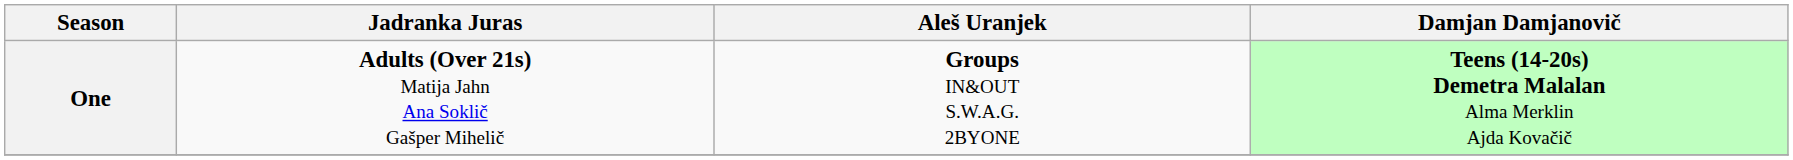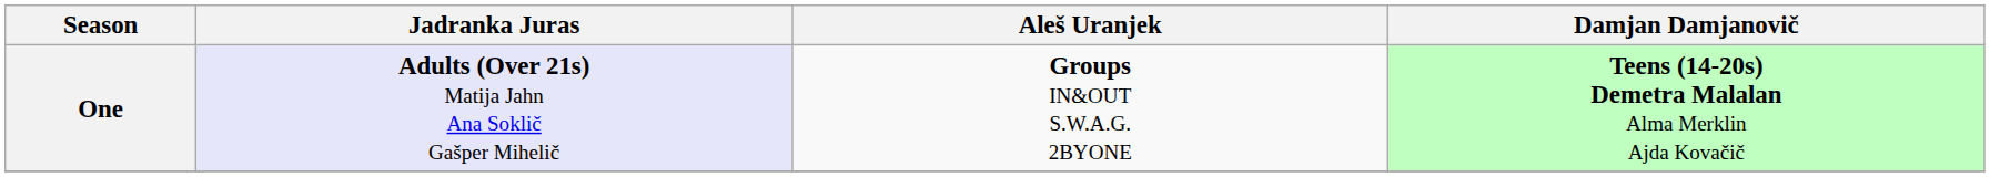 <table class="wikitable" style="text-align:center">
 <tr>
 <th style="width:4%;" scope="col">Season</th>
 <th style="width:13%;" scope="col">Jadranka Juras</th>
 <th style="width:13%;" scope="col">Aleš Uranjek</th>
 <th style="width:13%;" scope="col">Damjan Damjanovič</th>
 </tr>
 <tr>
 <th scope="row"><strong>One</strong></th>
-<td><strong>Adults (Over 21s)</strong><br><small>Matija Jahn<br><a href='#'>Ana Soklič</a><br>Gašper Mihelič</small></td>
+<td style="background: lavender;"><strong>Adults (Over 21s)</strong><br><small>Matija Jahn<br><a href='#'>Ana Soklič</a><br>Gašper Mihelič</small></td>
 <td><strong>Groups</strong><br><small>IN&OUT<br>S.W.A.G.<br>2BYONE</small></td>
 <td style="background:#BFFFC0;"><strong>Teens (14-20s)</strong><br><strong>Demetra Malalan</strong><br><small>Alma Merklin<br>Ajda Kovačič</small></td>
 </tr>
 <tr>
 </tr>
 </table>
